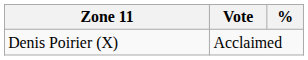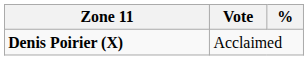 <table class="wikitable">
 <tr>
 <th width="200px">Zone 11</th>
 <th width="50px">Vote</th>
 <th width="30px">%</th>
 </tr>
 <tr>
-<td>Denis Poirier (X)</td>
+<td><strong>Denis Poirier (X)</strong></td>
 <td colspan="2">Acclaimed</td>
 </tr>
 </table>
